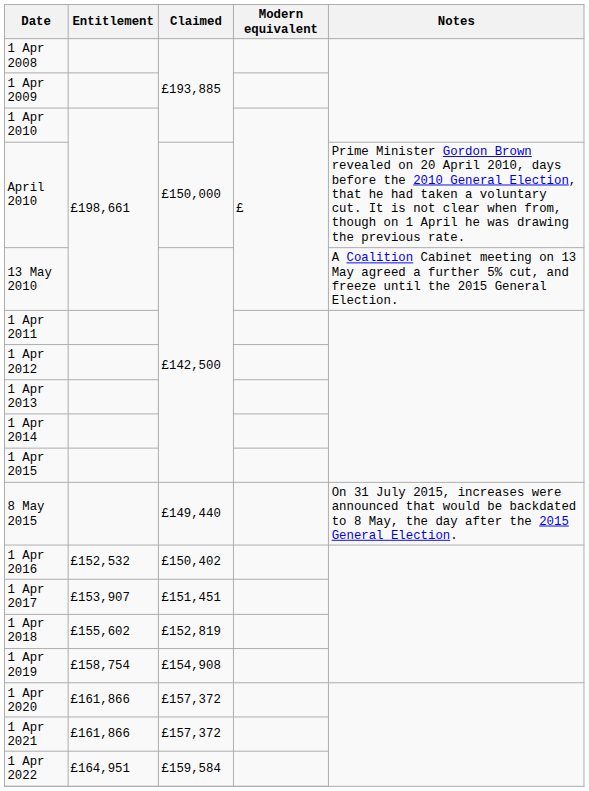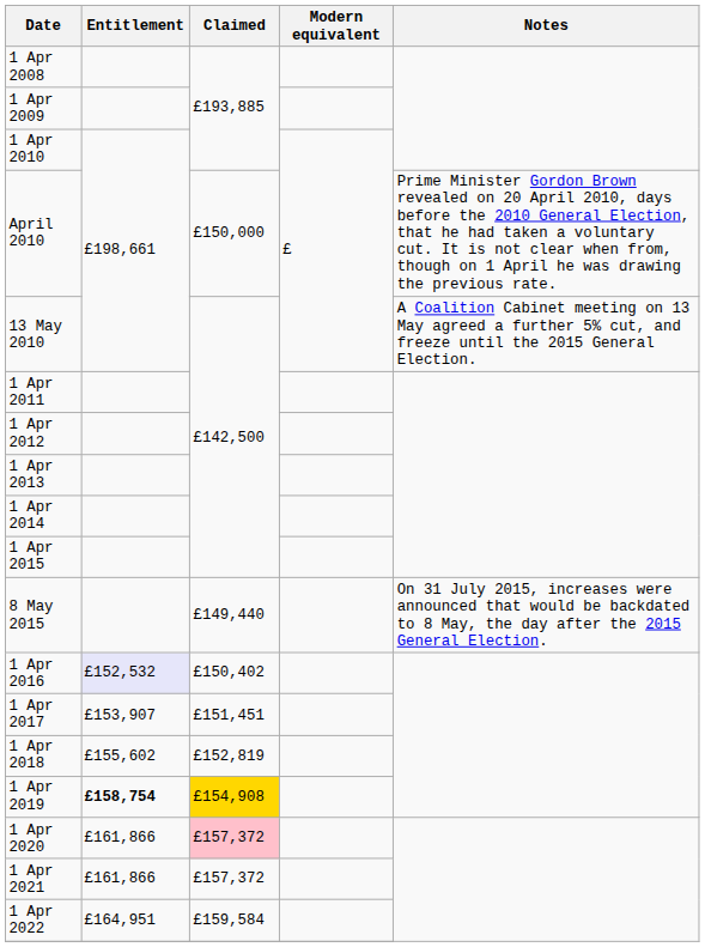 <table class="wikitable">
 <tr>
 <th width="120pt">Date</th>
 <th width="100pt">Entitlement</th>
 <th width="100pt">Claimed</th>
 <th width="140pt">Modern equivalent</th>
 <th width="800pt">Notes</th>
 </tr>
 <tr>
 <td>1 Apr 2008</td>
 <td></td>
 <td rowspan="3">£193,885</td>
 <td></td>
 <td rowspan="3"></td>
 </tr>
 <tr>
 <td>1 Apr 2009</td>
 <td></td>
 <td></td>
 </tr>
 <tr>
 <td>1 Apr 2010</td>
 <td rowspan="3">£198,661</td>
 <td rowspan="3">£</td>
 </tr>
 <tr>
 <td>April 2010</td>
 <td>£150,000</td>
 <td>Prime Minister <a href='#'>Gordon Brown</a> revealed on 20 April 2010, days before the <a href='#'>2010 General Election</a>, that he had taken a voluntary cut. It is not clear when from, though on 1 April he was drawing the previous rate.</td>
 </tr>
 <tr>
 <td>13 May 2010</td>
 <td rowspan="6">£142,500</td>
 <td>A <a href='#'>Coalition</a> Cabinet meeting on 13 May agreed a further 5% cut, and freeze until the 2015 General Election.</td>
 </tr>
 <tr>
 <td>1 Apr 2011</td>
 <td></td>
 <td></td>
 <td rowspan="5"></td>
 </tr>
 <tr>
 <td>1 Apr 2012</td>
 <td></td>
 <td></td>
 </tr>
 <tr>
 <td>1 Apr 2013</td>
 <td></td>
 <td></td>
 </tr>
 <tr>
 <td>1 Apr 2014</td>
 <td></td>
 <td></td>
 </tr>
 <tr>
 <td>1 Apr 2015</td>
 <td></td>
 <td></td>
 </tr>
 <tr>
 <td>8 May 2015</td>
 <td></td>
 <td>£149,440</td>
 <td></td>
 <td>On 31 July 2015, increases were announced that would be backdated to 8 May, the day after the <a href='#'>2015 General Election</a>.</td>
 </tr>
 <tr>
 <td>1 Apr 2016</td>
-<td>£152,532</td>
+<td style="background: lavender;">£152,532</td>
 <td>£150,402</td>
 <td></td>
 <td rowspan="4"></td>
 </tr>
 <tr>
 <td>1 Apr 2017</td>
 <td>£153,907</td>
 <td>£151,451</td>
 <td></td>
 </tr>
 <tr>
 <td>1 Apr 2018</td>
 <td>£155,602</td>
 <td>£152,819</td>
 <td></td>
 </tr>
 <tr>
 <td>1 Apr 2019</td>
-<td>£158,754</td>
-<td>£154,908</td>
+<td><strong>£158,754</strong></td>
+<td style="background: gold;">£154,908</td>
 <td></td>
 </tr>
 <tr>
 <td>1 Apr 2020</td>
 <td>£161,866</td>
-<td>£157,372</td>
+<td style="background: pink;">£157,372</td>
 <td></td>
 </tr>
 <tr>
 <td>1 Apr 2021</td>
 <td>£161,866</td>
 <td>£157,372</td>
 <td></td>
 </tr>
 <tr>
 <td>1 Apr 2022</td>
 <td>£164,951</td>
 <td>£159,584</td>
 <td></td>
 </tr>
 <tr>
 </tr>
 </table>
